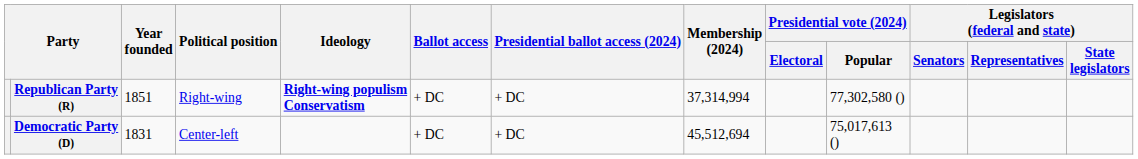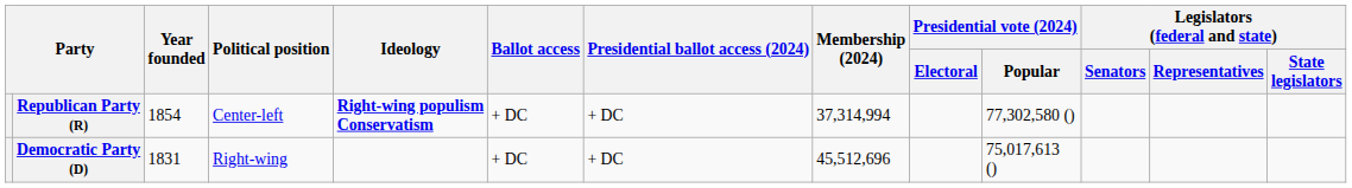 <table class="wikitable sortable plainrowheaders">
 <tr>
 <th colspan="2" rowspan="2">Party</th>
 <th rowspan="2">Year<br>founded</th>
 <th rowspan="2">Political position</th>
 <th rowspan="2">Ideology</th>
 <th rowspan="2"><a href='#'>Ballot access</a></th>
 <th rowspan="2"><a href='#'>Presidential ballot access (2024)</a></th>
 <th rowspan="2">Membership<br>(2024)</th>
 <th colspan="2"><a href='#'>Presidential vote (2024)</a></th>
 <th colspan="3">Legislators<br>(<a href='#'>federal</a> and <a href='#'>state</a>)</th>
 </tr>
 <tr>
 <th><a href='#'>Electoral</a></th>
 <th>Popular</th>
 <th><a href='#'>Senators</a><br></th>
 <th><a href='#'>Representatives</a></th>
 <th><a href='#'>State<br>legislators</a></th>
 </tr>
 <tr>
 <th style="background-color:"></th>
 <th><a href='#'>Republican Party</a><br><small>(R)</small></th>
-<td>1851</td>
-<td><a href='#'>Right-wing</a></td>
+<td>1854</td>
+<td><a href='#'>Center-left</a></td>
 <td><strong><a href='#'>Right-wing populism</a><br><a href='#'>Conservatism</a></strong></td>
 <td> + DC</td>
 <td> + DC</td>
 <td>37,314,994</td>
 <td></td>
 <td>77,302,580 ()</td>
 <td></td>
 <td></td>
 <td></td>
 </tr>
 <tr>
 <th style="background-color:"></th>
 <th><a href='#'>Democratic Party</a><br><small>(D)</small></th>
 <td>1831</td>
-<td><a href='#'>Center-left</a></td>
+<td><a href='#'>Right-wing</a></td>
 <td></td>
 <td> + DC</td>
 <td> + DC</td>
-<td>45,512,694</td>
+<td>45,512,696</td>
 <td></td>
 <td>75,017,613<br>()</td>
 <td></td>
 <td></td>
 <td></td>
 </tr>
 </table>
